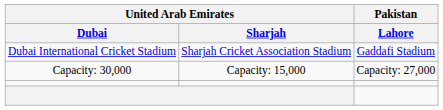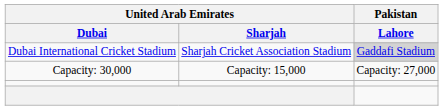 <table class="wikitable" style="margin:1em auto; text-align:center; font-size:90%">
 <tr>
 <th colspan=2>United Arab Emirates</th>
 <th colspan=2>Pakistan</th>
 </tr>
 <tr>
 <th scope=col><a href='#'>Dubai</a></th>
 <th scope=col><a href='#'>Sharjah</a></th>
 <th scope=col><a href='#'>Lahore</a></th>
 </tr>
 <tr>
 <td><a href='#'>Dubai International Cricket Stadium</a></td>
 <td><a href='#'>Sharjah Cricket Association Stadium</a></td>
-<td><a href='#'>Gaddafi Stadium</a></td>
+<td style="background: lightgrey;"><a href='#'>Gaddafi Stadium</a></td>
 </tr>
 <tr>
 <td>Capacity: 30,000</td>
 <td>Capacity: 15,000</td>
 <td>Capacity: 27,000</td>
 </tr>
 <tr>
 <td></td>
 <td></td>
 <td></td>
 </tr>
 <tr>
 <th colspan=2><br></th>
 <td></td>
 </tr>
 </table>
